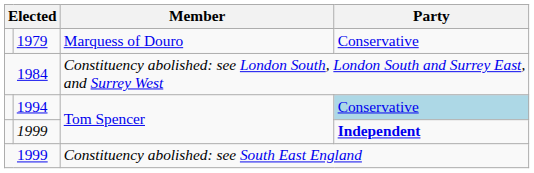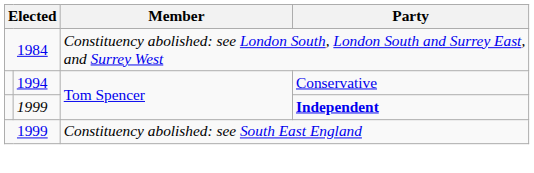 <table class="wikitable">
 <tr>
 <th colspan = "2">Elected</th>
 <th>Member</th>
 <th>Party</th>
-</tr>
-<tr>
-<td style="background-color: "></td>
-<td><a href='#'>1979</a></td>
-<td><a href='#'>Marquess of Douro</a></td>
-<td><a href='#'>Conservative</a></td>
 </tr>
 <tr>
 <td colspan="2" align="center"><a href='#'>1984</a></td>
 <td colspan="2"><em>Constituency abolished: see <a href='#'>London South</a>, <a href='#'>London South and Surrey East</a>,<br> and <a href='#'>Surrey West</a></em></td>
 </tr>
 <tr>
 <td style="background-color: "></td>
 <td><a href='#'>1994</a></td>
 <td rowspan=2><a href='#'>Tom Spencer</a></td>
-<td style="background: lightblue;"><a href='#'>Conservative</a></td>
+<td><a href='#'>Conservative</a></td>
 </tr>
 <tr>
 <td style="background-color: "></td>
 <td><em>1999</em></td>
 <td><strong><a href='#'>Independent</a></strong></td>
 </tr>
 <tr>
 <td colspan="2" align="center"><a href='#'>1999</a></td>
 <td colspan="2"><em>Constituency abolished: see <a href='#'>South East England</a></em></td>
 </tr>
 </table>
